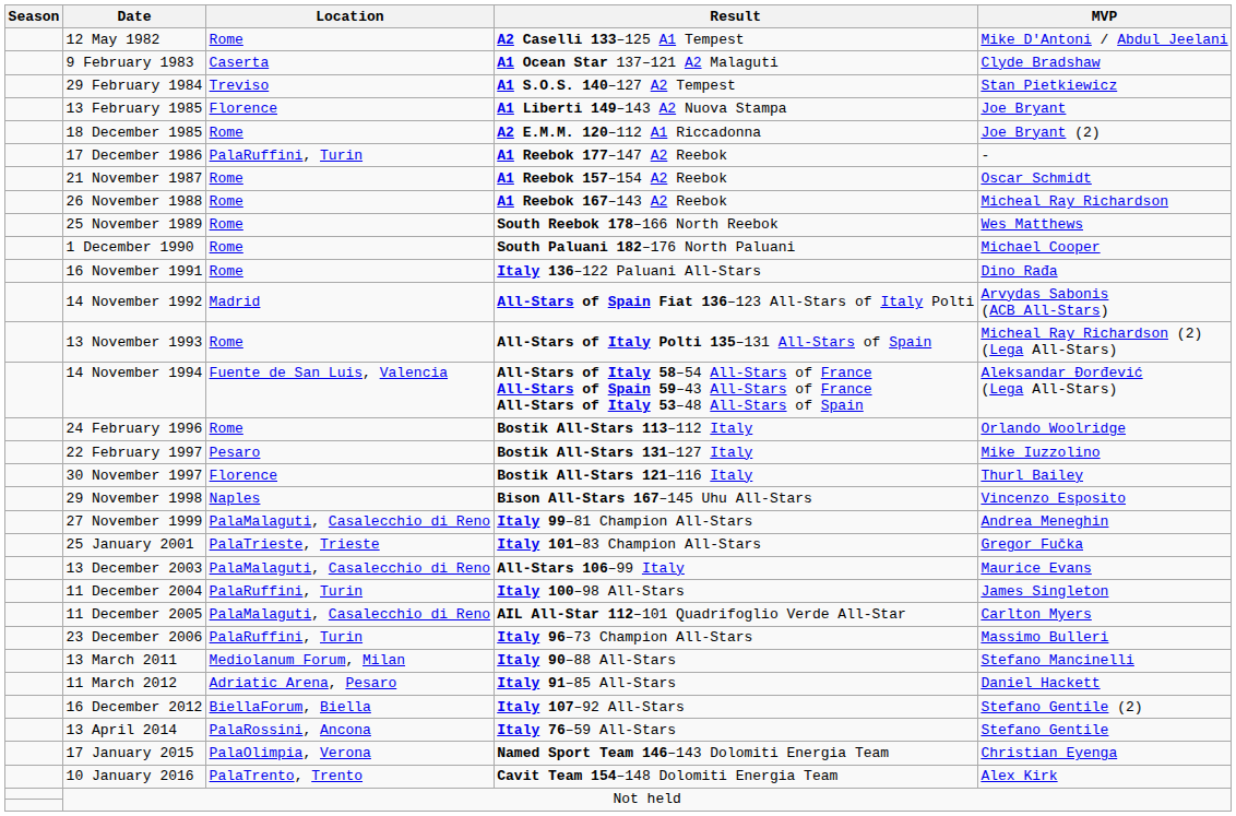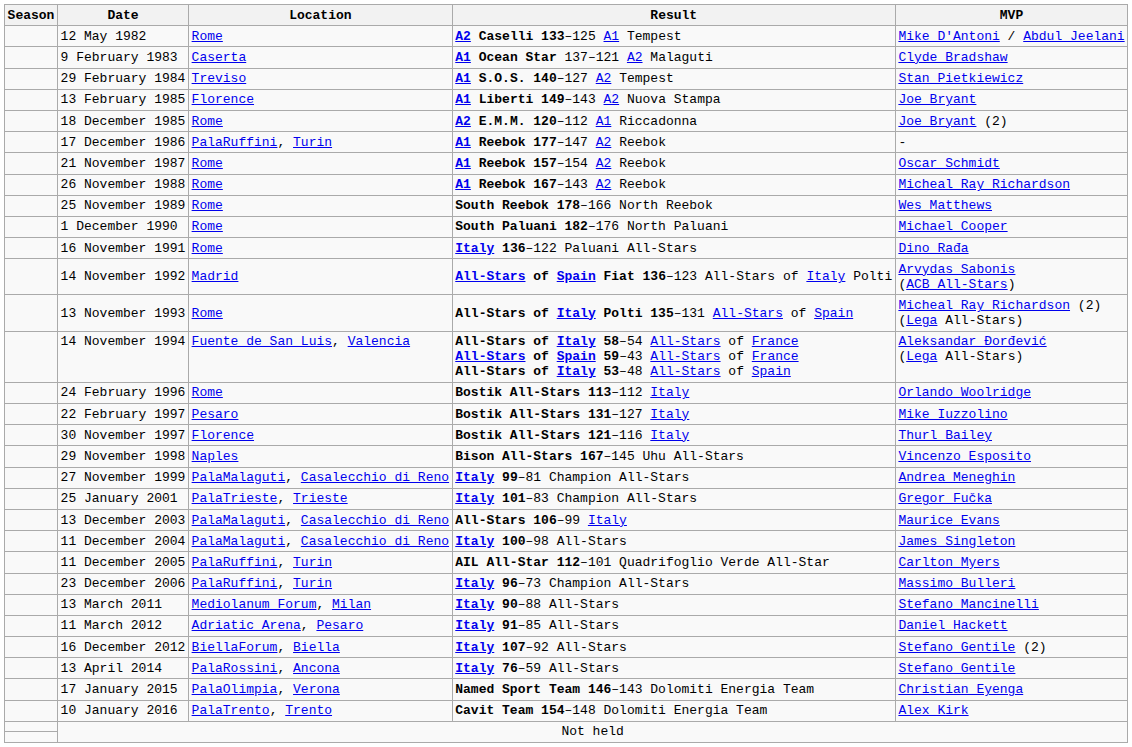 <table class="wikitable sortable">
 <tr>
 <th>Season</th>
 <th>Date</th>
 <th>Location</th>
 <th>Result</th>
 <th>MVP</th>
 </tr>
 <tr>
 <td></td>
 <td>12 May 1982</td>
 <td><a href='#'>Rome</a></td>
 <td><strong><a href='#'>A2</a> Caselli 133</strong>–125 <a href='#'>A1</a> Tempest</td>
 <td> <a href='#'>Mike D'Antoni</a> /  <a href='#'>Abdul Jeelani</a></td>
 </tr>
 <tr>
 <td></td>
 <td>9 February 1983</td>
 <td><a href='#'>Caserta</a></td>
 <td><strong><a href='#'>A1</a> Ocean Star</strong> 137–121 <a href='#'>A2</a> Malaguti</td>
 <td> <a href='#'>Clyde Bradshaw</a></td>
 </tr>
 <tr>
 <td></td>
 <td>29 February 1984</td>
 <td><a href='#'>Treviso</a></td>
 <td><strong><a href='#'>A1</a> S.O.S. 140</strong>–127 <a href='#'>A2</a> Tempest</td>
 <td> <a href='#'>Stan Pietkiewicz</a></td>
 </tr>
 <tr>
 <td></td>
 <td>13 February 1985</td>
 <td><a href='#'>Florence</a></td>
 <td><strong><a href='#'>A1</a> Liberti 149</strong>–143 <a href='#'>A2</a> Nuova Stampa</td>
 <td> <a href='#'>Joe Bryant</a></td>
 </tr>
 <tr>
 <td></td>
 <td>18 December 1985</td>
 <td><a href='#'>Rome</a></td>
 <td><strong><a href='#'>A2</a> E.M.M. 120</strong>–112 <a href='#'>A1</a> Riccadonna</td>
 <td> <a href='#'>Joe Bryant</a> (2)</td>
 </tr>
 <tr>
 <td></td>
 <td>17 December 1986</td>
 <td><a href='#'>PalaRuffini</a>, <a href='#'>Turin</a></td>
 <td><strong><a href='#'>A1</a> Reebok 177</strong>–147 <a href='#'>A2</a> Reebok</td>
 <td>-</td>
 </tr>
 <tr>
 <td></td>
 <td>21 November 1987</td>
 <td><a href='#'>Rome</a></td>
 <td><strong><a href='#'>A1</a> Reebok 157</strong>–154 <a href='#'>A2</a> Reebok</td>
 <td> <a href='#'>Oscar Schmidt</a></td>
 </tr>
 <tr>
 <td></td>
 <td>26 November 1988</td>
 <td><a href='#'>Rome</a></td>
 <td><strong><a href='#'>A1</a> Reebok 167</strong>–143 <a href='#'>A2</a> Reebok</td>
 <td> <a href='#'>Micheal Ray Richardson</a></td>
 </tr>
 <tr>
 <td></td>
 <td>25 November 1989</td>
 <td><a href='#'>Rome</a></td>
 <td><strong>South Reebok 178</strong>–166 North Reebok</td>
 <td> <a href='#'>Wes Matthews</a></td>
 </tr>
 <tr>
 <td></td>
 <td>1 December 1990</td>
 <td><a href='#'>Rome</a></td>
 <td><strong>South Paluani 182</strong>–176 North Paluani</td>
 <td> <a href='#'>Michael Cooper</a></td>
 </tr>
 <tr>
 <td></td>
 <td>16 November 1991</td>
 <td><a href='#'>Rome</a></td>
 <td><strong><a href='#'>Italy</a> 136</strong>–122 Paluani All-Stars</td>
 <td> <a href='#'>Dino Rađa</a></td>
 </tr>
 <tr>
 <td></td>
 <td>14 November 1992</td>
 <td><a href='#'>Madrid</a></td>
 <td><strong><a href='#'>All-Stars</a> of <a href='#'>Spain</a> Fiat 136</strong>–123 All-Stars of <a href='#'>Italy</a> Polti</td>
 <td> <a href='#'>Arvydas Sabonis</a> <br> (<a href='#'>ACB All-Stars</a>)</td>
 </tr>
 <tr>
 <td></td>
 <td>13 November 1993</td>
 <td><a href='#'>Rome</a></td>
 <td><strong>All-Stars of <a href='#'>Italy</a> Polti 135</strong>–131 <a href='#'>All-Stars</a> of <a href='#'>Spain</a></td>
 <td> <a href='#'>Micheal Ray Richardson</a> (2) <br> (<a href='#'>Lega</a> All-Stars)</td>
 </tr>
 <tr style="vertical-align: top;">
 <td></td>
 <td>14 November 1994</td>
 <td><a href='#'>Fuente de San Luis</a>, <a href='#'>Valencia</a></td>
 <td><strong>All-Stars of <a href='#'>Italy</a> 58</strong>–54 <a href='#'>All-Stars</a> of <a href='#'>France</a> <br> <strong><a href='#'>All-Stars</a> of <a href='#'>Spain</a> 59</strong>–43 <a href='#'>All-Stars</a> of <a href='#'>France</a> <br> <strong>All-Stars of <a href='#'>Italy</a> 53</strong>–48 <a href='#'>All-Stars</a> of <a href='#'>Spain</a></td>
 <td> <a href='#'>Aleksandar Đorđević</a> <br> (<a href='#'>Lega</a> All-Stars)</td>
 </tr>
 <tr>
 <td></td>
 <td>24 February 1996</td>
 <td><a href='#'>Rome</a></td>
 <td><strong>Bostik All-Stars 113</strong>–112 <a href='#'>Italy</a></td>
 <td> <a href='#'>Orlando Woolridge</a></td>
 </tr>
 <tr>
 <td></td>
 <td>22 February 1997</td>
 <td><a href='#'>Pesaro</a></td>
 <td><strong>Bostik All-Stars 131</strong>–127 <a href='#'>Italy</a></td>
 <td> <a href='#'>Mike Iuzzolino</a></td>
 </tr>
 <tr>
 <td></td>
 <td>30 November 1997</td>
 <td><a href='#'>Florence</a></td>
 <td><strong>Bostik All-Stars 121</strong>–116 <a href='#'>Italy</a></td>
 <td> <a href='#'>Thurl Bailey</a></td>
 </tr>
 <tr>
 <td></td>
 <td>29 November 1998</td>
 <td><a href='#'>Naples</a></td>
 <td><strong>Bison All-Stars 167</strong>–145 Uhu All-Stars</td>
 <td> <a href='#'>Vincenzo Esposito</a></td>
 </tr>
 <tr>
 <td></td>
 <td>27 November 1999</td>
 <td><a href='#'>PalaMalaguti</a>, <a href='#'>Casalecchio di Reno</a></td>
 <td><strong><a href='#'>Italy</a> 99</strong>–81 Champion  All-Stars</td>
 <td> <a href='#'>Andrea Meneghin</a></td>
 </tr>
 <tr>
 <td></td>
 <td>25 January 2001</td>
 <td><a href='#'>PalaTrieste</a>, <a href='#'>Trieste</a></td>
 <td><strong><a href='#'>Italy</a> 101</strong>–83 Champion  All-Stars</td>
 <td> <a href='#'>Gregor Fučka</a></td>
 </tr>
 <tr>
 <td></td>
 <td>13 December 2003</td>
 <td><a href='#'>PalaMalaguti</a>, <a href='#'>Casalecchio di Reno</a></td>
 <td><strong>All-Stars 106</strong>–99 <a href='#'>Italy</a></td>
 <td> <a href='#'>Maurice Evans</a></td>
 </tr>
 <tr>
 <td></td>
 <td>11 December 2004</td>
-<td><a href='#'>PalaRuffini</a>, <a href='#'>Turin</a></td>
+<td><a href='#'>PalaMalaguti</a>, <a href='#'>Casalecchio di Reno</a></td>
 <td><strong><a href='#'>Italy</a> 100</strong>–98 All-Stars</td>
 <td> <a href='#'>James Singleton</a></td>
 </tr>
 <tr>
 <td></td>
 <td>11 December 2005</td>
-<td><a href='#'>PalaMalaguti</a>, <a href='#'>Casalecchio di Reno</a></td>
+<td><a href='#'>PalaRuffini</a>, <a href='#'>Turin</a></td>
 <td><strong>AIL All-Star 112</strong>–101 Quadrifoglio Verde All-Star</td>
 <td> <a href='#'>Carlton Myers</a></td>
 </tr>
 <tr>
 <td></td>
 <td>23 December 2006</td>
 <td><a href='#'>PalaRuffini</a>, <a href='#'>Turin</a></td>
 <td><strong><a href='#'>Italy</a> 96</strong>–73 Champion All-Stars</td>
 <td> <a href='#'>Massimo Bulleri</a></td>
 </tr>
 <tr>
 <td></td>
 <td>13 March 2011</td>
 <td><a href='#'>Mediolanum Forum</a>, <a href='#'>Milan</a></td>
 <td><strong><a href='#'>Italy</a> 90</strong>–88 All-Stars</td>
 <td> <a href='#'>Stefano Mancinelli</a></td>
 </tr>
 <tr>
 <td></td>
 <td>11 March 2012</td>
 <td><a href='#'>Adriatic Arena</a>, <a href='#'>Pesaro</a></td>
 <td><strong><a href='#'>Italy</a> 91</strong>–85 All-Stars</td>
 <td> <a href='#'>Daniel Hackett</a></td>
 </tr>
 <tr>
 <td></td>
 <td>16 December 2012</td>
 <td><a href='#'>BiellaForum</a>, <a href='#'>Biella</a></td>
 <td><strong><a href='#'>Italy</a> 107</strong>–92 All-Stars</td>
 <td> <a href='#'>Stefano Gentile</a> (2)</td>
 </tr>
 <tr>
 <td></td>
 <td>13 April 2014</td>
 <td><a href='#'>PalaRossini</a>, <a href='#'>Ancona</a></td>
 <td><strong><a href='#'>Italy</a> 76</strong>–59 All-Stars</td>
 <td> <a href='#'>Stefano Gentile</a></td>
 </tr>
 <tr>
 <td></td>
 <td>17 January 2015</td>
 <td><a href='#'>PalaOlimpia</a>, <a href='#'>Verona</a></td>
 <td><strong>Named Sport Team 146</strong>–143 Dolomiti Energia Team</td>
 <td> <a href='#'>Christian Eyenga</a></td>
 </tr>
 <tr>
 <td></td>
 <td>10 January 2016</td>
 <td><a href='#'>PalaTrento</a>, <a href='#'>Trento</a></td>
 <td><strong>Cavit Team 154</strong>–148 Dolomiti Energia Team</td>
 <td> <a href='#'>Alex Kirk</a></td>
 </tr>
 <tr>
 <td></td>
 <td colspan="4" rowspan="2" style="text-align:center;">Not held</td>
 </tr>
 <tr>
 <td></td>
 </tr>
 </table>
